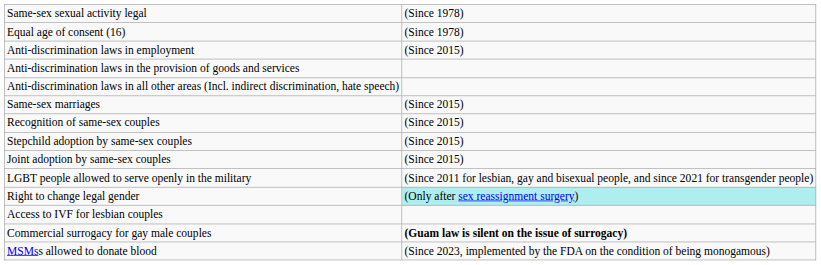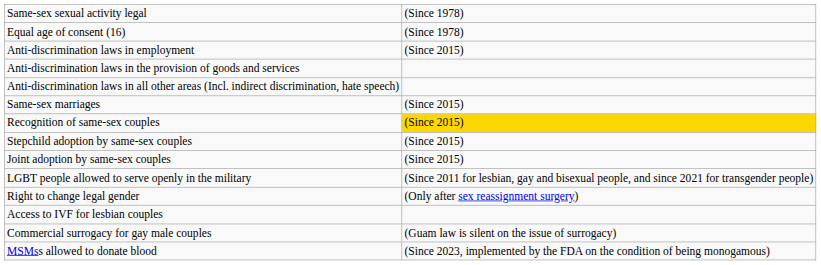 <table class="wikitable">
 <tr>
 <td>Same-sex sexual activity legal</td>
 <td> (Since 1978)</td>
 </tr>
 <tr>
 <td>Equal age of consent (16)</td>
 <td> (Since 1978)</td>
 </tr>
 <tr>
 <td>Anti-discrimination laws in employment</td>
 <td> (Since 2015)</td>
 </tr>
 <tr>
 <td>Anti-discrimination laws in the provision of goods and services</td>
 <td></td>
 </tr>
 <tr>
 <td>Anti-discrimination laws in all other areas (Incl. indirect discrimination, hate speech)</td>
 <td></td>
 </tr>
 <tr>
 <td>Same-sex marriages</td>
 <td> (Since 2015)</td>
 </tr>
 <tr>
 <td>Recognition of same-sex couples</td>
-<td> (Since 2015)</td>
+<td style="background: gold;"> (Since 2015)</td>
 </tr>
 <tr>
 <td>Stepchild adoption by same-sex couples</td>
 <td> (Since 2015)</td>
 </tr>
 <tr>
 <td>Joint adoption by same-sex couples</td>
 <td> (Since 2015)</td>
 </tr>
 <tr>
 <td>LGBT people allowed to serve openly in the military</td>
 <td> (Since 2011 for lesbian, gay and bisexual people, and since 2021 for transgender people)</td>
 </tr>
 <tr>
 <td>Right to change legal gender</td>
-<td style="background: paleturquoise;"> (Only after <a href='#'>sex reassignment surgery</a>)</td>
+<td> (Only after <a href='#'>sex reassignment surgery</a>)</td>
 </tr>
 <tr>
 <td>Access to IVF for lesbian couples</td>
 <td></td>
 </tr>
 <tr>
 <td>Commercial surrogacy for gay male couples</td>
-<td><strong> (Guam law is silent on the issue of surrogacy)</strong></td>
+<td> (Guam law is silent on the issue of surrogacy)</td>
 </tr>
 <tr>
 <td><a href='#'>MSMs</a>s allowed to donate blood</td>
 <td> (Since 2023, implemented by the FDA on the condition of being monogamous)</td>
 </tr>
 </table>
